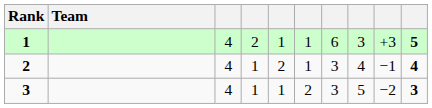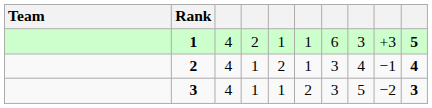 <table class="wikitable" style="text-align: center;">
 <tr>
+<th width=165 style="text-align:left;">Team</th>
 <th width=30>Rank</th>
-<th width=165 style="text-align:left;">Team</th>
 <th width=20></th>
 <th width=20></th>
 <th width=20></th>
 <th width=20></th>
 <th width=20></th>
 <th width=20></th>
 <th width=20></th>
 <th width=20></th>
 </tr>
 <tr style="background:#ccffcc;">
+<td style="text-align:left;"></td>
 <td><strong>1</strong></td>
-<td style="text-align:left;"></td>
 <td>4</td>
 <td>2</td>
 <td>1</td>
 <td>1</td>
 <td>6</td>
 <td>3</td>
 <td>+3</td>
 <td><strong>5</strong></td>
 </tr>
 <tr>
+<td style="text-align:left;"></td>
 <td><strong>2</strong></td>
-<td style="text-align:left;"></td>
 <td>4</td>
 <td>1</td>
 <td>2</td>
 <td>1</td>
 <td>3</td>
 <td>4</td>
 <td>−1</td>
 <td><strong>4</strong></td>
 </tr>
 <tr>
+<td style="text-align:left;"></td>
 <td><strong>3</strong></td>
-<td style="text-align:left;"></td>
 <td>4</td>
 <td>1</td>
 <td>1</td>
 <td>2</td>
 <td>3</td>
 <td>5</td>
 <td>−2</td>
 <td><strong>3</strong></td>
 </tr>
 </table>
